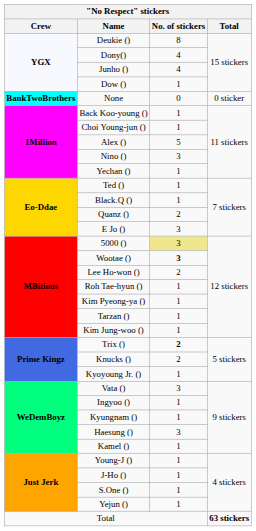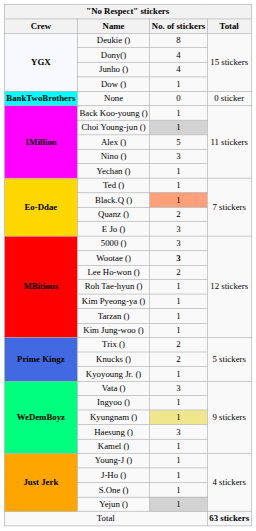 <table class="wikitable sortable mw-collapsible mw-collapsed"  style="text-align:center; font-size:90%">
 <tr>
 <th colspan="6">"No Respect" stickers</th>
 </tr>
 <tr style="background:#f2f2f2;">
 <th scope="col">Crew</th>
 <th scope="col">Name</th>
 <th scope="col">No. of stickers</th>
 <th scope="col">Total</th>
 </tr>
 <tr>
 <td rowspan="4" style="background:#F8F8FF"><strong>YGX</strong></td>
 <td>Deukie ()</td>
 <td>8</td>
 <td rowspan="4">15 stickers</td>
 </tr>
 <tr>
 <td>Dony()</td>
 <td>4</td>
 </tr>
 <tr>
 <td>Junho ()</td>
 <td>4</td>
 </tr>
 <tr>
 <td>Dow ()</td>
 <td>1</td>
 </tr>
 <tr>
 <td rowspan="1" style="background:aqua"><strong>BankTwoBrothers</strong></td>
 <td>None</td>
 <td>0</td>
 <td rowspan="1">0 sticker</td>
 </tr>
 <tr>
 <td rowspan="5" style="background:magenta"><strong>1Million</strong></td>
 <td>Back Koo-young ()</td>
 <td>1</td>
 <td rowspan="5">11 stickers</td>
 </tr>
 <tr>
 <td>Choi Young-jun ()</td>
-<td>1</td>
+<td style="background: lightgrey;">1</td>
 </tr>
 <tr>
 <td>Alex ()</td>
 <td>5</td>
 </tr>
 <tr>
 <td>Nino ()</td>
 <td>3</td>
 </tr>
 <tr>
 <td>Yechan ()</td>
 <td>1</td>
 </tr>
 <tr>
 <td rowspan="4" style="background:gold"><strong>Eo-Ddae</strong></td>
 <td>Ted ()</td>
 <td>1</td>
 <td rowspan="4">7 stickers</td>
 </tr>
 <tr>
 <td>Black.Q ()</td>
-<td>1</td>
+<td style="background: lightsalmon;">1</td>
 </tr>
 <tr>
 <td>Quanz ()</td>
 <td>2</td>
 </tr>
 <tr>
 <td>E Jo ()</td>
 <td>3</td>
 </tr>
 <tr>
 <td rowspan="7" style="background:red"><strong>MBitious</strong></td>
 <td>5000 ()</td>
-<td style="background: khaki;">3</td>
+<td>3</td>
 <td rowspan="7">12 stickers</td>
 </tr>
 <tr>
 <td>Wootae ()</td>
 <td><strong>3</strong></td>
 </tr>
 <tr>
 <td>Lee Ho-won ()</td>
 <td>2</td>
 </tr>
 <tr>
 <td>Roh Tae-hyun ()</td>
 <td>1</td>
 </tr>
 <tr>
 <td>Kim Pyeong-ya ()</td>
 <td>1</td>
 </tr>
 <tr>
 <td>Tarzan ()</td>
 <td>1</td>
 </tr>
 <tr>
 <td>Kim Jung-woo ()</td>
 <td>1</td>
 </tr>
 <tr>
 <td rowspan="3" style="background:royalblue"><strong>Prime Kingz</strong></td>
 <td>Trix ()</td>
-<td><strong>2</strong></td>
+<td>2</td>
 <td rowspan="3">5 stickers</td>
 </tr>
 <tr>
 <td>Knucks ()</td>
 <td>2</td>
 </tr>
 <tr>
 <td>Kyoyoung Jr. ()</td>
 <td>1</td>
 </tr>
 <tr>
 <td rowspan="5" style="background:springgreen"><strong>WeDemBoyz</strong></td>
 <td>Vata ()</td>
 <td>3</td>
 <td rowspan="5">9 stickers</td>
 </tr>
 <tr>
 <td>Ingyoo ()</td>
 <td>1</td>
 </tr>
 <tr>
 <td>Kyungnam ()</td>
-<td>1</td>
+<td style="background: khaki;">1</td>
 </tr>
 <tr>
 <td>Haesung ()</td>
 <td>3</td>
 </tr>
 <tr>
 <td>Kamel ()</td>
 <td>1</td>
 </tr>
 <tr>
 <td rowspan="4" style="background:orange"><strong>Just Jerk</strong></td>
 <td>Young-J ()</td>
 <td>1</td>
 <td rowspan="4">4 stickers</td>
 </tr>
 <tr>
 <td>J-Ho ()</td>
 <td>1</td>
 </tr>
 <tr>
 <td>S.One ()</td>
 <td>1</td>
 </tr>
 <tr>
 <td>Yejun ()</td>
-<td>1</td>
+<td style="background: lightgrey;">1</td>
 </tr>
 <tr>
 <td colspan="3">Total</td>
 <td><strong>63 stickers</strong></td>
 </tr>
 </table>
